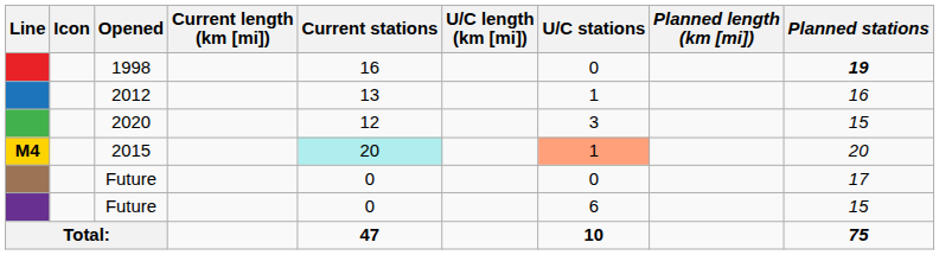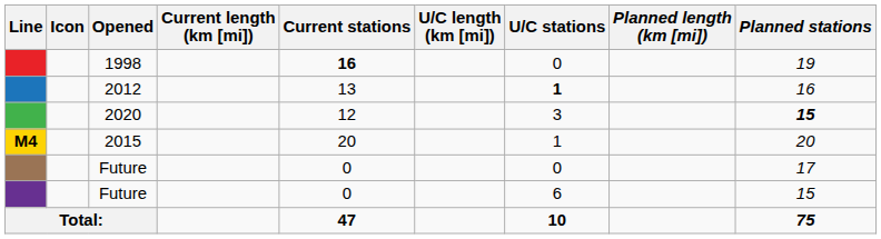 <table class="wikitable" style="text-align: center;">
 <tr>
 <th>Line</th>
 <th>Icon</th>
 <th>Opened</th>
 <th>Current length<br>(km [mi])</th>
 <th>Current stations</th>
 <th>U/C length<br>(km [mi])</th>
 <th>U/C stations</th>
 <th><em>Planned length<br>(km [mi])</em></th>
 <th><em>Planned stations</em></th>
 </tr>
 <tr>
 <td style="background:#e92228;"><strong></strong></td>
 <td></td>
 <td>1998</td>
 <td></td>
-<td>16</td>
+<td><strong>16</strong></td>
 <td></td>
 <td>0</td>
 <td><em></em></td>
-<td><strong><em>19</em></strong></td>
+<td><em>19</em></td>
 </tr>
 <tr>
 <td style="background:#1c75bb;"><strong></strong></td>
 <td></td>
 <td>2012</td>
 <td></td>
 <td>13</td>
 <td></td>
-<td>1</td>
+<td><strong>1</strong></td>
 <td><em></em></td>
 <td><em>16</em></td>
 </tr>
 <tr>
 <td style="background:#41b24b;"><strong></strong></td>
 <td></td>
 <td>2020</td>
 <td></td>
 <td>12</td>
 <td></td>
 <td>3</td>
 <td><em></em></td>
-<td><em>15</em></td>
+<td><strong><em>15</em></strong></td>
 </tr>
 <tr>
 <td style="background:#fdd304;"><strong>M4</strong></td>
 <td></td>
 <td>2015</td>
 <td></td>
-<td style="background: paleturquoise;">20</td>
+<td>20</td>
 <td></td>
-<td style="background: lightsalmon;">1</td>
+<td>1</td>
 <td></td>
 <td><em>20</em></td>
 </tr>
 <tr>
 <td style="background:#9a7455;"><strong></strong></td>
 <td></td>
 <td>Future</td>
 <td></td>
 <td>0</td>
 <td></td>
 <td>0</td>
 <td></td>
 <td><em>17</em></td>
 </tr>
 <tr>
 <td style="background:#673091;"><strong></strong></td>
 <td></td>
 <td>Future</td>
 <td></td>
 <td>0</td>
 <td></td>
 <td>6</td>
 <td></td>
 <td><em>15</em></td>
 </tr>
 <tr>
 <th colspan="3">Total:</th>
 <td><strong></strong></td>
 <td><strong>47</strong></td>
 <td><strong></strong></td>
 <td><strong>10</strong></td>
 <td><strong><em></em></strong></td>
 <td><strong><em>75</em></strong></td>
 </tr>
 </table>
